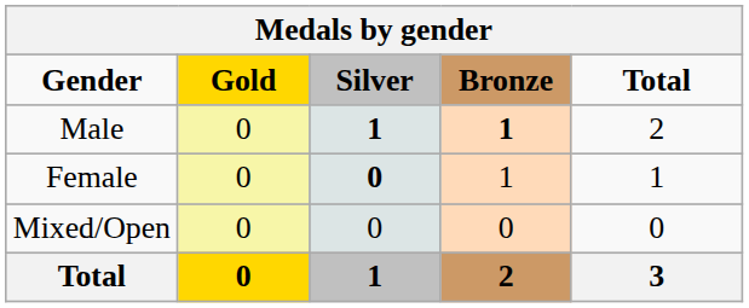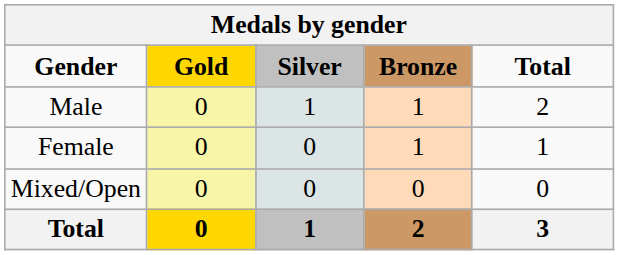 <table class="wikitable"style=text-align:center;">
 <tr style="background:#efefef;">
 <th colspan=5>Medals by gender</th>
 </tr>
 <tr>
 <td><strong>Gender</strong></td>
 <td width=60 style="background:gold;"><strong>Gold </strong></td>
 <td width=60 style="background:silver;"><strong>Silver </strong></td>
 <td width=60 style="background:#c96;"><strong>Bronze </strong></td>
 <td width=80><strong>Total</strong></td>
 </tr>
 <tr>
 <td>Male</td>
 <td style="background:#F7F6A8">0</td>
-<td style="background:#DCE5E5"><strong>1</strong></td>
-<td style="background:#FFDAB9"><strong>1</strong></td>
+<td style="background:#DCE5E5">1</td>
+<td style="background:#FFDAB9">1</td>
 <td>2</td>
 </tr>
 <tr>
 <td>Female</td>
 <td style="background:#F7F6A8">0</td>
-<td style="background:#DCE5E5"><strong>0</strong></td>
+<td style="background:#DCE5E5">0</td>
 <td style="background:#FFDAB9">1</td>
 <td>1</td>
 </tr>
 <tr>
 <td>Mixed/Open</td>
 <td style="background:#F7F6A8">0</td>
 <td style="background:#DCE5E5">0</td>
 <td style="background:#FFDAB9">0</td>
 <td>0</td>
 </tr>
 <tr>
 <th>Total</th>
 <th style="background:gold;">0</th>
 <th style="background:silver;">1</th>
 <th style="background:#c96;">2</th>
 <th>3</th>
 </tr>
 </table>
